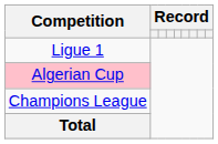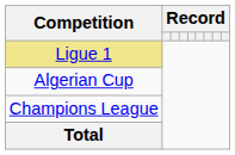 <table class="wikitable" style="text-align: center">
 <tr>
 <th rowspan=2>Competition</th>
 <th colspan=8>Record</th>
 </tr>
 <tr>
 <th></th>
 <th></th>
 <th></th>
 <th></th>
 <th></th>
 <th></th>
 <th></th>
 <th></th>
 </tr>
 <tr>
-<td><a href='#'>Ligue 1</a><br></td>
+<td style="background: khaki;"><a href='#'>Ligue 1</a><br></td>
 </tr>
 <tr>
-<td style="background: pink;"><a href='#'>Algerian Cup</a><br></td>
+<td><a href='#'>Algerian Cup</a><br></td>
 </tr>
 <tr>
 <td><a href='#'>Champions League</a><br></td>
 </tr>
 <tr>
 <th>Total<br></th>
 </tr>
 </table>
